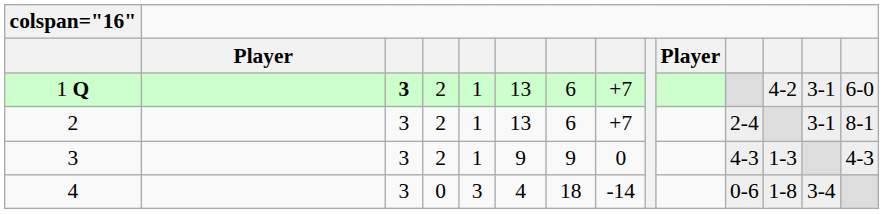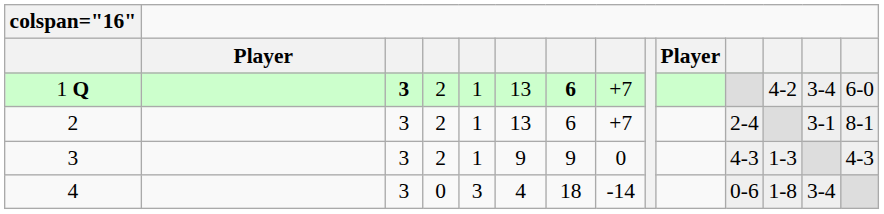 <table class=wikitable style=text-align:center>
 <tr>
 <th>colspan="16" </th>
 </tr>
 <tr>
 <th width=20 abbr=Position></th>
 <th width=175>Player</th>
 <th width=20 abbr=Played></th>
 <th width=20 abbr=Won></th>
 <th width=20 abbr=Lost></th>
 <th width=30 abbr=Points for></th>
 <th width=30 abbr=Points against></th>
 <th width=30 abbr=Points difference></th>
 <th rowspan="5" abbr=H2H></th>
 <th>Player</th>
 <th></th>
 <th></th>
 <th></th>
 <th></th>
 </tr>
 <tr bgcolor=#CCFFCC>
 <td>1 <strong>Q</strong></td>
 <td align="left"></td>
 <td><strong>3</strong></td>
 <td>2</td>
 <td>1</td>
 <td>13</td>
-<td>6</td>
+<td><strong>6</strong></td>
 <td>+7</td>
 <td></td>
 <td bgcolor="#dddddd"> </td>
 <td bgcolor="#efefef">4-2</td>
-<td bgcolor="#efefef">3-1</td>
+<td bgcolor="#efefef">3-4</td>
 <td bgcolor="#efefef">6-0</td>
 </tr>
 <tr>
 <td>2</td>
 <td align="left"></td>
 <td>3</td>
 <td>2</td>
 <td>1</td>
 <td>13</td>
 <td>6</td>
 <td>+7</td>
 <td></td>
 <td bgcolor="#efefef">2-4</td>
 <td bgcolor="#dddddd"> </td>
 <td bgcolor="#efefef">3-1</td>
 <td bgcolor="#efefef">8-1</td>
 </tr>
 <tr>
 <td>3</td>
 <td align="left"></td>
 <td>3</td>
 <td>2</td>
 <td>1</td>
 <td>9</td>
 <td>9</td>
 <td>0</td>
 <td></td>
 <td bgcolor="#efefef">4-3</td>
 <td bgcolor="#efefef">1-3</td>
 <td bgcolor="#dddddd"> </td>
 <td bgcolor="#efefef">4-3</td>
 </tr>
 <tr>
 <td>4 </td>
 <td align=left></td>
 <td>3</td>
 <td>0</td>
 <td>3</td>
 <td>4</td>
 <td>18</td>
 <td>-14</td>
 <td></td>
 <td bgcolor="#efefef">0-6</td>
 <td bgcolor="#efefef">1-8</td>
 <td bgcolor="#efefef">3-4</td>
 <td bgcolor="#dddddd"> </td>
 </tr>
 </table>
